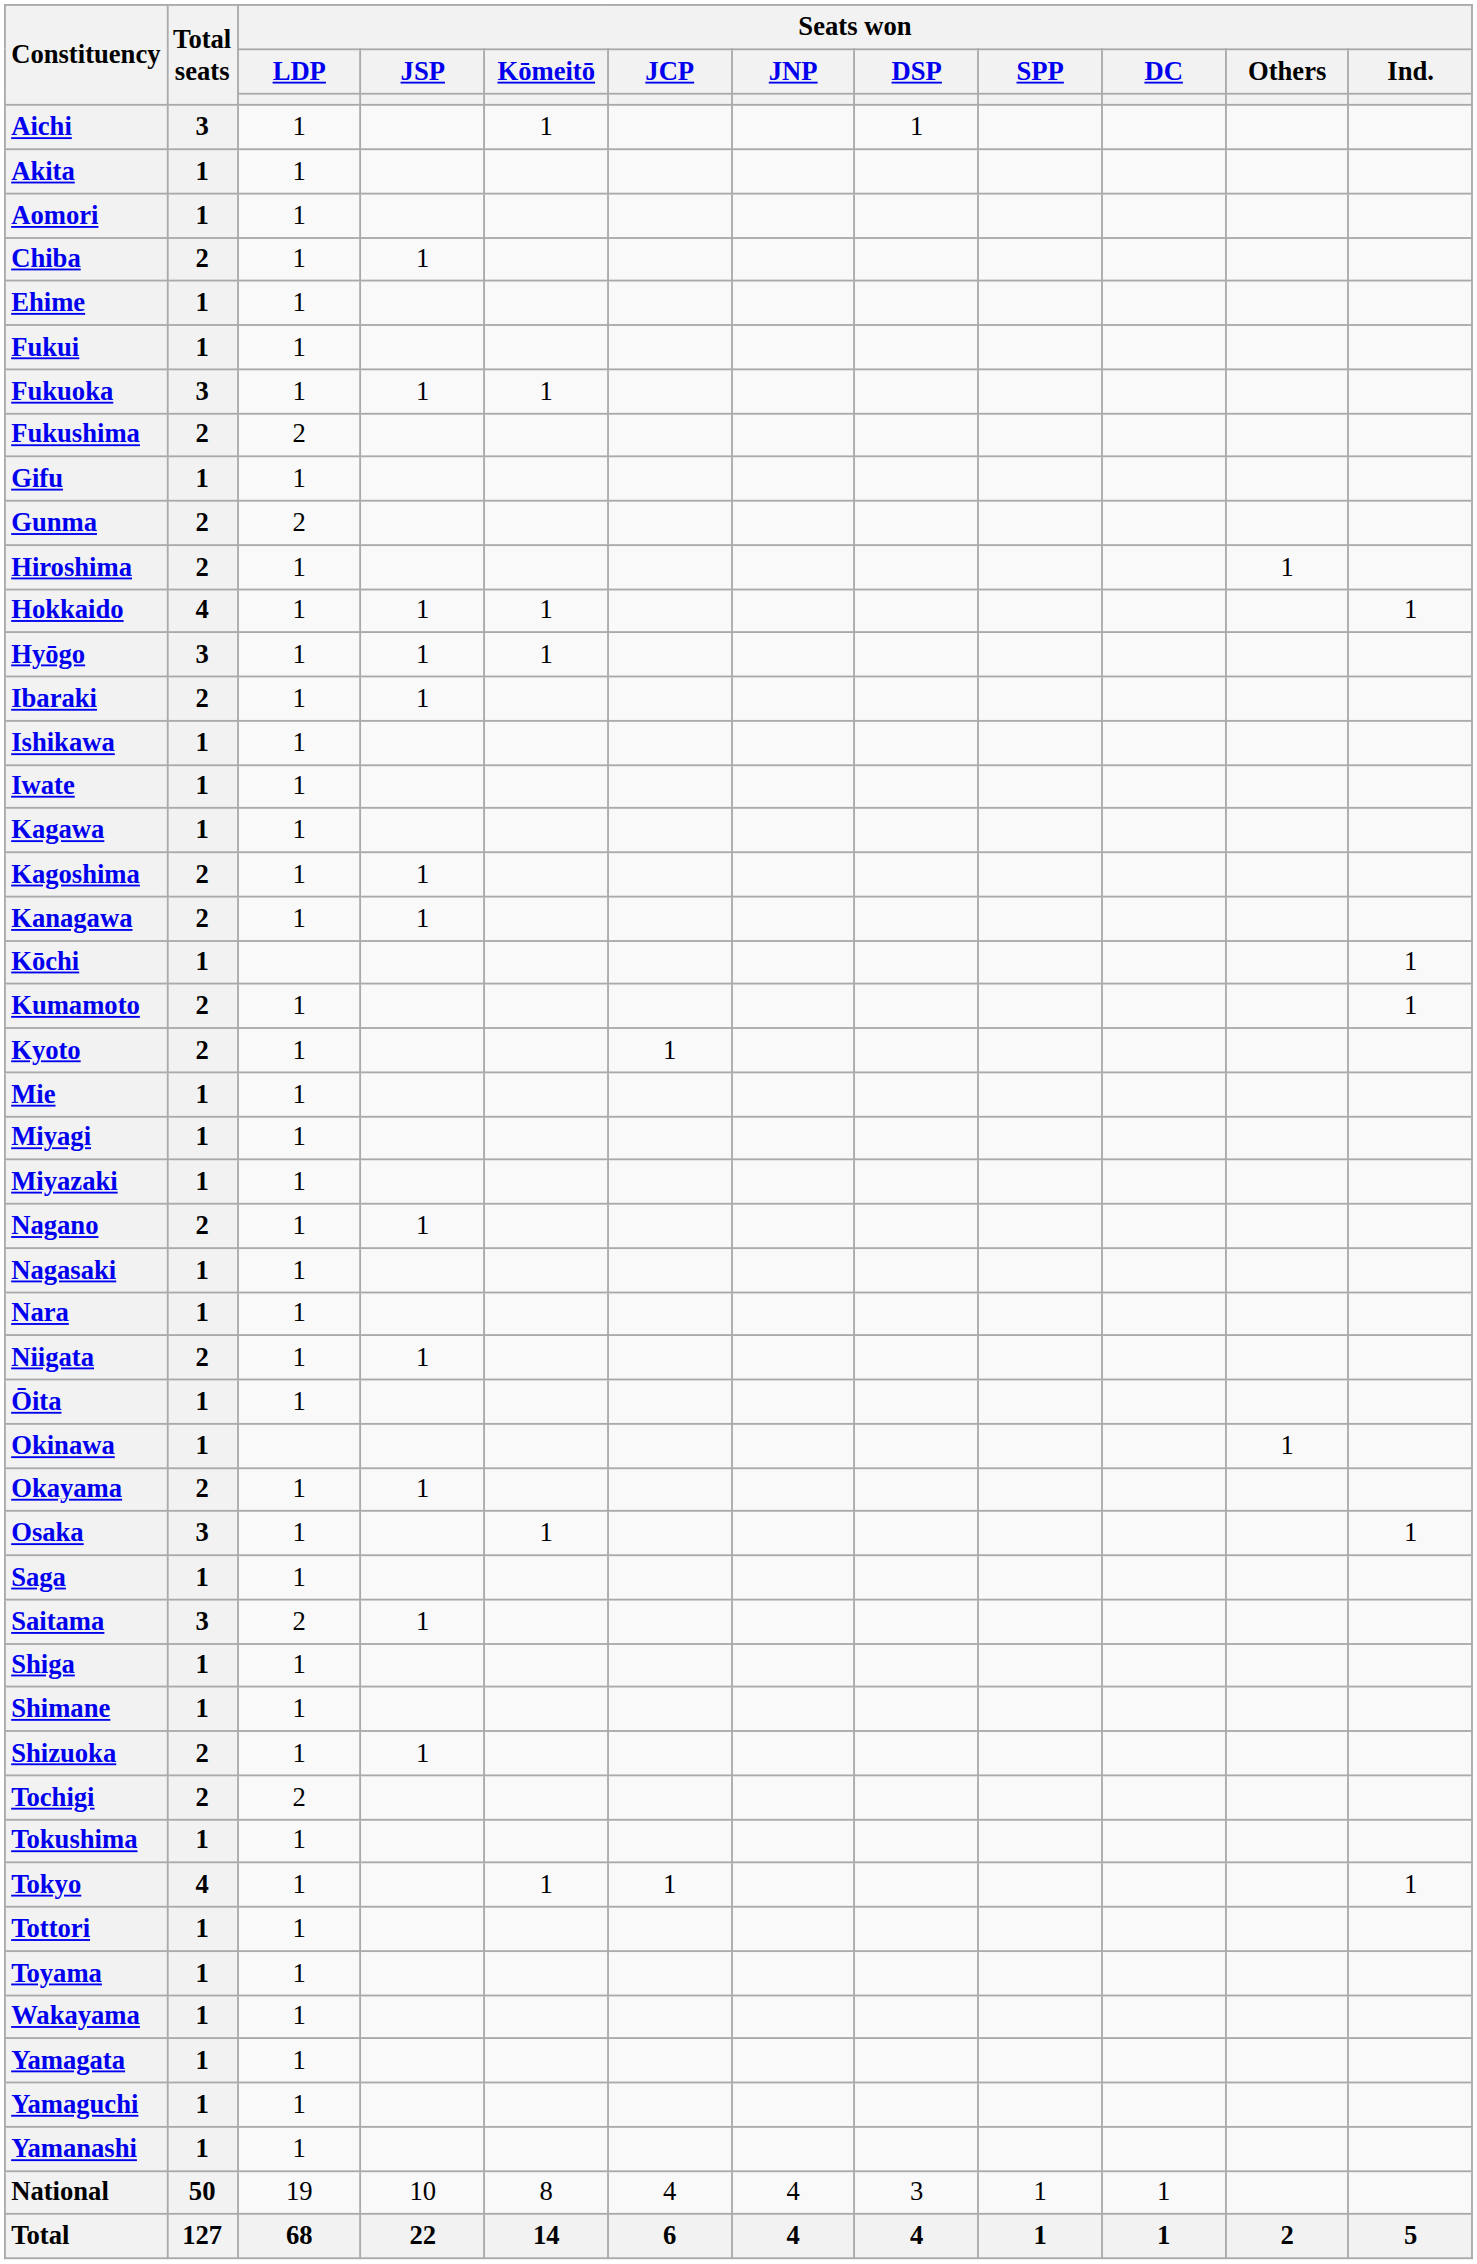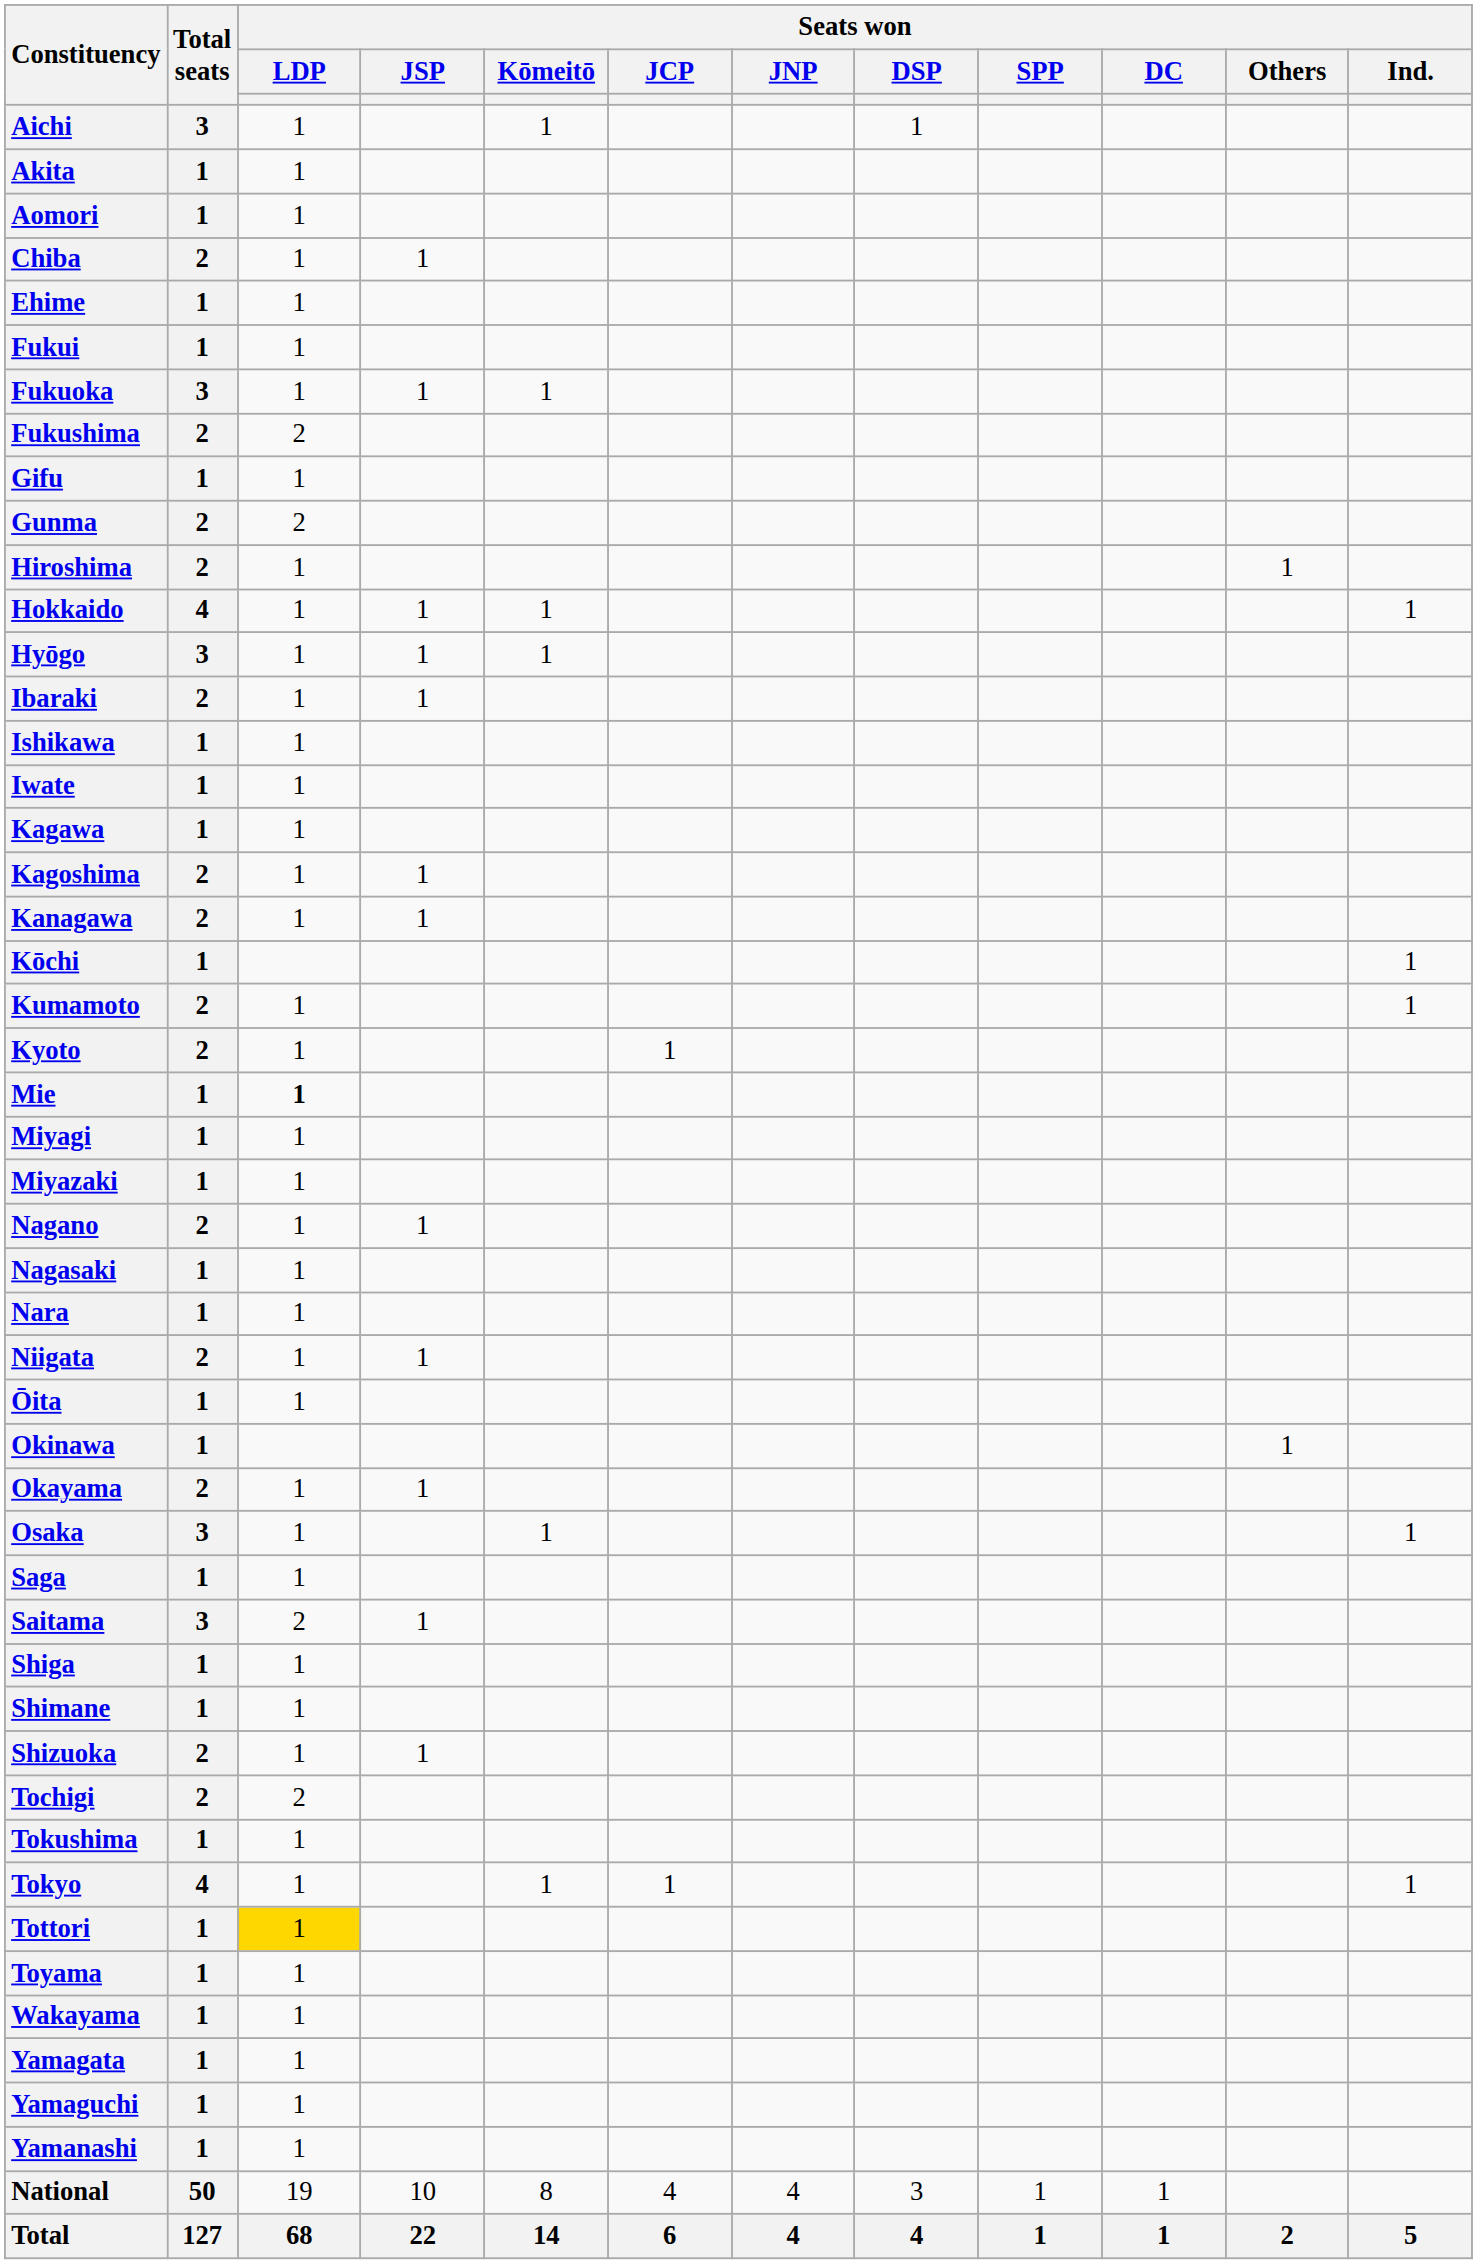 <table class="wikitable" style="text-align:center; font-size: 0.9em;">
 <tr>
 <th rowspan="3">Constituency</th>
 <th rowspan="3">Total<br>seats</th>
 <th colspan="10">Seats won</th>
 </tr>
 <tr>
 <th class="unsortable" style="width:60px;"><a href='#'>LDP</a></th>
 <th class="unsortable" style="width:60px;"><a href='#'>JSP</a></th>
 <th class="unsortable" style="width:60px;"><a href='#'>Kōmeitō</a></th>
 <th class="unsortable" style="width:60px;"><a href='#'>JCP</a></th>
 <th class="unsortable" style="width:60px;"><a href='#'>JNP</a></th>
 <th class="unsortable" style="width:60px;"><a href='#'>DSP</a></th>
 <th class="unsortable" style="width:60px;"><a href='#'>SPP</a></th>
 <th class="unsortable" style="width:60px;"><a href='#'>DC</a></th>
 <th class="unsortable" style="width:60px;">Others</th>
 <th class="unsortable" style="width:60px;">Ind.</th>
 </tr>
 <tr>
 <th style="background:"></th>
 <th style="background:"></th>
 <th style="background:"></th>
 <th style="background:"></th>
 <th style="background:"></th>
 <th style="background:"></th>
 <th style="background:"></th>
 <th style="background:"></th>
 <th></th>
 <th style="background:"></th>
 </tr>
 <tr>
 <th style="text-align: left;"><a href='#'>Aichi</a></th>
 <th>3</th>
 <td>1</td>
 <td></td>
 <td>1</td>
 <td></td>
 <td></td>
 <td>1</td>
 <td></td>
 <td></td>
 <td></td>
 <td></td>
 </tr>
 <tr>
 <th style="text-align: left;"><a href='#'>Akita</a></th>
 <th>1</th>
 <td>1</td>
 <td></td>
 <td></td>
 <td></td>
 <td></td>
 <td></td>
 <td></td>
 <td></td>
 <td></td>
 <td></td>
 </tr>
 <tr>
 <th style="text-align: left;"><a href='#'>Aomori</a></th>
 <th>1</th>
 <td>1</td>
 <td></td>
 <td></td>
 <td></td>
 <td></td>
 <td></td>
 <td></td>
 <td></td>
 <td></td>
 <td></td>
 </tr>
 <tr>
 <th style="text-align: left;"><a href='#'>Chiba</a></th>
 <th>2</th>
 <td>1</td>
 <td>1</td>
 <td></td>
 <td></td>
 <td></td>
 <td></td>
 <td></td>
 <td></td>
 <td></td>
 <td></td>
 </tr>
 <tr>
 <th style="text-align: left;"><a href='#'>Ehime</a></th>
 <th>1</th>
 <td>1</td>
 <td></td>
 <td></td>
 <td></td>
 <td></td>
 <td></td>
 <td></td>
 <td></td>
 <td></td>
 <td></td>
 </tr>
 <tr>
 <th style="text-align: left;"><a href='#'>Fukui</a></th>
 <th>1</th>
 <td>1</td>
 <td></td>
 <td></td>
 <td></td>
 <td></td>
 <td></td>
 <td></td>
 <td></td>
 <td></td>
 <td></td>
 </tr>
 <tr>
 <th style="text-align: left;"><a href='#'>Fukuoka</a></th>
 <th>3</th>
 <td>1</td>
 <td>1</td>
 <td>1</td>
 <td></td>
 <td></td>
 <td></td>
 <td></td>
 <td></td>
 <td></td>
 <td></td>
 </tr>
 <tr>
 <th style="text-align: left;"><a href='#'>Fukushima</a></th>
 <th>2</th>
 <td>2</td>
 <td></td>
 <td></td>
 <td></td>
 <td></td>
 <td></td>
 <td></td>
 <td></td>
 <td></td>
 <td></td>
 </tr>
 <tr>
 <th style="text-align: left;"><a href='#'>Gifu</a></th>
 <th>1</th>
 <td>1</td>
 <td></td>
 <td></td>
 <td></td>
 <td></td>
 <td></td>
 <td></td>
 <td></td>
 <td></td>
 <td></td>
 </tr>
 <tr>
 <th style="text-align: left;"><a href='#'>Gunma</a></th>
 <th>2</th>
 <td>2</td>
 <td></td>
 <td></td>
 <td></td>
 <td></td>
 <td></td>
 <td></td>
 <td></td>
 <td></td>
 <td></td>
 </tr>
 <tr>
 <th style="text-align: left;"><a href='#'>Hiroshima</a></th>
 <th>2</th>
 <td>1</td>
 <td></td>
 <td></td>
 <td></td>
 <td></td>
 <td></td>
 <td></td>
 <td></td>
 <td>1</td>
 <td></td>
 </tr>
 <tr>
 <th style="text-align: left;"><a href='#'>Hokkaido</a></th>
 <th>4</th>
 <td>1</td>
 <td>1</td>
 <td>1</td>
 <td></td>
 <td></td>
 <td></td>
 <td></td>
 <td></td>
 <td></td>
 <td>1</td>
 </tr>
 <tr>
 <th style="text-align: left;"><a href='#'>Hyōgo</a></th>
 <th>3</th>
 <td>1</td>
 <td>1</td>
 <td>1</td>
 <td></td>
 <td></td>
 <td></td>
 <td></td>
 <td></td>
 <td></td>
 <td></td>
 </tr>
 <tr>
 <th style="text-align: left;"><a href='#'>Ibaraki</a></th>
 <th>2</th>
 <td>1</td>
 <td>1</td>
 <td></td>
 <td></td>
 <td></td>
 <td></td>
 <td></td>
 <td></td>
 <td></td>
 <td></td>
 </tr>
 <tr>
 <th style="text-align: left;"><a href='#'>Ishikawa</a></th>
 <th>1</th>
 <td>1</td>
 <td></td>
 <td></td>
 <td></td>
 <td></td>
 <td></td>
 <td></td>
 <td></td>
 <td></td>
 <td></td>
 </tr>
 <tr>
 <th style="text-align: left;"><a href='#'>Iwate</a></th>
 <th>1</th>
 <td>1</td>
 <td></td>
 <td></td>
 <td></td>
 <td></td>
 <td></td>
 <td></td>
 <td></td>
 <td></td>
 <td></td>
 </tr>
 <tr>
 <th style="text-align: left;"><a href='#'>Kagawa</a></th>
 <th>1</th>
 <td>1</td>
 <td></td>
 <td></td>
 <td></td>
 <td></td>
 <td></td>
 <td></td>
 <td></td>
 <td></td>
 <td></td>
 </tr>
 <tr>
 <th style="text-align: left;"><a href='#'>Kagoshima</a></th>
 <th>2</th>
 <td>1</td>
 <td>1</td>
 <td></td>
 <td></td>
 <td></td>
 <td></td>
 <td></td>
 <td></td>
 <td></td>
 <td></td>
 </tr>
 <tr>
 <th style="text-align: left;"><a href='#'>Kanagawa</a></th>
 <th>2</th>
 <td>1</td>
 <td>1</td>
 <td></td>
 <td></td>
 <td></td>
 <td></td>
 <td></td>
 <td></td>
 <td></td>
 <td></td>
 </tr>
 <tr>
 <th style="text-align: left;"><a href='#'>Kōchi</a></th>
 <th>1</th>
 <td></td>
 <td></td>
 <td></td>
 <td></td>
 <td></td>
 <td></td>
 <td></td>
 <td></td>
 <td></td>
 <td>1</td>
 </tr>
 <tr>
 <th style="text-align: left;"><a href='#'>Kumamoto</a></th>
 <th>2</th>
 <td>1</td>
 <td></td>
 <td></td>
 <td></td>
 <td></td>
 <td></td>
 <td></td>
 <td></td>
 <td></td>
 <td>1</td>
 </tr>
 <tr>
 <th style="text-align: left;"><a href='#'>Kyoto</a></th>
 <th>2</th>
 <td>1</td>
 <td></td>
 <td></td>
 <td>1</td>
 <td></td>
 <td></td>
 <td></td>
 <td></td>
 <td></td>
 <td></td>
 </tr>
 <tr>
 <th style="text-align: left;"><a href='#'>Mie</a></th>
 <th>1</th>
-<td>1</td>
+<td><strong>1</strong></td>
 <td></td>
 <td></td>
 <td></td>
 <td></td>
 <td></td>
 <td></td>
 <td></td>
 <td></td>
 <td></td>
 </tr>
 <tr>
 <th style="text-align: left;"><a href='#'>Miyagi</a></th>
 <th>1</th>
 <td>1</td>
 <td></td>
 <td></td>
 <td></td>
 <td></td>
 <td></td>
 <td></td>
 <td></td>
 <td></td>
 <td></td>
 </tr>
 <tr>
 <th style="text-align: left;"><a href='#'>Miyazaki</a></th>
 <th>1</th>
 <td>1</td>
 <td></td>
 <td></td>
 <td></td>
 <td></td>
 <td></td>
 <td></td>
 <td></td>
 <td></td>
 <td></td>
 </tr>
 <tr>
 <th style="text-align: left;"><a href='#'>Nagano</a></th>
 <th>2</th>
 <td>1</td>
 <td>1</td>
 <td></td>
 <td></td>
 <td></td>
 <td></td>
 <td></td>
 <td></td>
 <td></td>
 <td></td>
 </tr>
 <tr>
 <th style="text-align: left;"><a href='#'>Nagasaki</a></th>
 <th>1</th>
 <td>1</td>
 <td></td>
 <td></td>
 <td></td>
 <td></td>
 <td></td>
 <td></td>
 <td></td>
 <td></td>
 <td></td>
 </tr>
 <tr>
 <th style="text-align: left;"><a href='#'>Nara</a></th>
 <th>1</th>
 <td>1</td>
 <td></td>
 <td></td>
 <td></td>
 <td></td>
 <td></td>
 <td></td>
 <td></td>
 <td></td>
 <td></td>
 </tr>
 <tr>
 <th style="text-align: left;"><a href='#'>Niigata</a></th>
 <th>2</th>
 <td>1</td>
 <td>1</td>
 <td></td>
 <td></td>
 <td></td>
 <td></td>
 <td></td>
 <td></td>
 <td></td>
 <td></td>
 </tr>
 <tr>
 <th style="text-align: left;"><a href='#'>Ōita</a></th>
 <th>1</th>
 <td>1</td>
 <td></td>
 <td></td>
 <td></td>
 <td></td>
 <td></td>
 <td></td>
 <td></td>
 <td></td>
 <td></td>
 </tr>
 <tr>
 <th style="text-align: left;"><a href='#'>Okinawa</a></th>
 <th>1</th>
 <td></td>
 <td></td>
 <td></td>
 <td></td>
 <td></td>
 <td></td>
 <td></td>
 <td></td>
 <td>1</td>
 <td></td>
 </tr>
 <tr>
 <th style="text-align: left;"><a href='#'>Okayama</a></th>
 <th>2</th>
 <td>1</td>
 <td>1</td>
 <td></td>
 <td></td>
 <td></td>
 <td></td>
 <td></td>
 <td></td>
 <td></td>
 <td></td>
 </tr>
 <tr>
 <th style="text-align: left;"><a href='#'>Osaka</a></th>
 <th>3</th>
 <td>1</td>
 <td></td>
 <td>1</td>
 <td></td>
 <td></td>
 <td></td>
 <td></td>
 <td></td>
 <td></td>
 <td>1</td>
 </tr>
 <tr>
 <th style="text-align: left;"><a href='#'>Saga</a></th>
 <th>1</th>
 <td>1</td>
 <td></td>
 <td></td>
 <td></td>
 <td></td>
 <td></td>
 <td></td>
 <td></td>
 <td></td>
 <td></td>
 </tr>
 <tr>
 <th style="text-align: left;"><a href='#'>Saitama</a></th>
 <th>3</th>
 <td>2</td>
 <td>1</td>
 <td></td>
 <td></td>
 <td></td>
 <td></td>
 <td></td>
 <td></td>
 <td></td>
 <td></td>
 </tr>
 <tr>
 <th style="text-align: left;"><a href='#'>Shiga</a></th>
 <th>1</th>
 <td>1</td>
 <td></td>
 <td></td>
 <td></td>
 <td></td>
 <td></td>
 <td></td>
 <td></td>
 <td></td>
 <td></td>
 </tr>
 <tr>
 <th style="text-align: left;"><a href='#'>Shimane</a></th>
 <th>1</th>
 <td>1</td>
 <td></td>
 <td></td>
 <td></td>
 <td></td>
 <td></td>
 <td></td>
 <td></td>
 <td></td>
 <td></td>
 </tr>
 <tr>
 <th style="text-align: left;"><a href='#'>Shizuoka</a></th>
 <th>2</th>
 <td>1</td>
 <td>1</td>
 <td></td>
 <td></td>
 <td></td>
 <td></td>
 <td></td>
 <td></td>
 <td></td>
 <td></td>
 </tr>
 <tr>
 <th style="text-align: left;"><a href='#'>Tochigi</a></th>
 <th>2</th>
 <td>2</td>
 <td></td>
 <td></td>
 <td></td>
 <td></td>
 <td></td>
 <td></td>
 <td></td>
 <td></td>
 <td></td>
 </tr>
 <tr>
 <th style="text-align: left;"><a href='#'>Tokushima</a></th>
 <th>1</th>
 <td>1</td>
 <td></td>
 <td></td>
 <td></td>
 <td></td>
 <td></td>
 <td></td>
 <td></td>
 <td></td>
 <td></td>
 </tr>
 <tr>
 <th style="text-align: left;"><a href='#'>Tokyo</a></th>
 <th>4</th>
 <td>1</td>
 <td></td>
 <td>1</td>
 <td>1</td>
 <td></td>
 <td></td>
 <td></td>
 <td></td>
 <td></td>
 <td>1</td>
 </tr>
 <tr>
 <th style="text-align: left;"><a href='#'>Tottori</a></th>
 <th>1</th>
-<td>1</td>
+<td style="background: gold;">1</td>
 <td></td>
 <td></td>
 <td></td>
 <td></td>
 <td></td>
 <td></td>
 <td></td>
 <td></td>
 <td></td>
 </tr>
 <tr>
 <th style="text-align: left;"><a href='#'>Toyama</a></th>
 <th>1</th>
 <td>1</td>
 <td></td>
 <td></td>
 <td></td>
 <td></td>
 <td></td>
 <td></td>
 <td></td>
 <td></td>
 <td></td>
 </tr>
 <tr>
 <th style="text-align: left;"><a href='#'>Wakayama</a></th>
 <th>1</th>
 <td>1</td>
 <td></td>
 <td></td>
 <td></td>
 <td></td>
 <td></td>
 <td></td>
 <td></td>
 <td></td>
 <td></td>
 </tr>
 <tr>
 <th style="text-align: left;"><a href='#'>Yamagata</a></th>
 <th>1</th>
 <td>1</td>
 <td></td>
 <td></td>
 <td></td>
 <td></td>
 <td></td>
 <td></td>
 <td></td>
 <td></td>
 <td></td>
 </tr>
 <tr>
 <th style="text-align: left;"><a href='#'>Yamaguchi</a></th>
 <th>1</th>
 <td>1</td>
 <td></td>
 <td></td>
 <td></td>
 <td></td>
 <td></td>
 <td></td>
 <td></td>
 <td></td>
 <td></td>
 </tr>
 <tr>
 <th style="text-align: left;"><a href='#'>Yamanashi</a></th>
 <th>1</th>
 <td>1</td>
 <td></td>
 <td></td>
 <td></td>
 <td></td>
 <td></td>
 <td></td>
 <td></td>
 <td></td>
 <td></td>
 </tr>
 <tr>
 <th style="text-align: left;">National</th>
 <th>50</th>
 <td>19</td>
 <td>10</td>
 <td>8</td>
 <td>4</td>
 <td>4</td>
 <td>3</td>
 <td>1</td>
 <td>1</td>
 <td></td>
 <td></td>
 </tr>
 <tr class="sortbottom">
 <th style="text-align: left;">Total</th>
 <th>127</th>
 <th>68</th>
 <th>22</th>
 <th>14</th>
 <th>6</th>
 <th>4</th>
 <th>4</th>
 <th>1</th>
 <th>1</th>
 <th>2</th>
 <th>5</th>
 </tr>
 </table>
